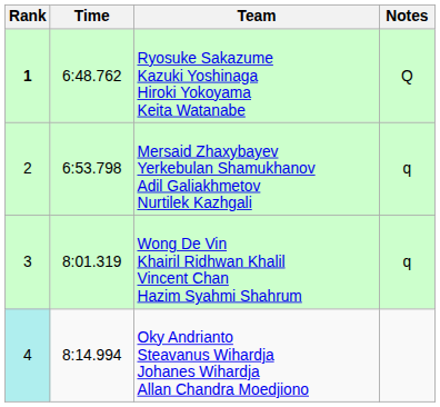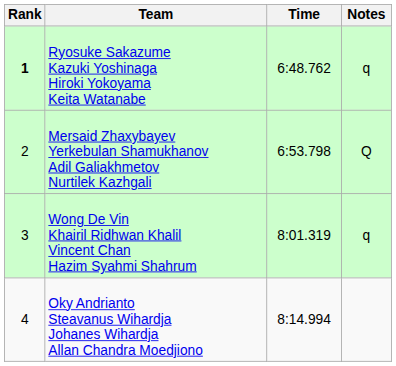 <table class=wikitable style="text-align:center">
 <tr>
 <th width=40>Rank</th>
+<th width=250>Team</th>
 <th width=80>Time</th>
-<th width=250>Team</th>
 <th width=50>Notes</th>
 </tr>
 <tr bgcolor="ccffcc">
 <td><strong>1</strong></td>
+<td align=left><br><a href='#'>Ryosuke Sakazume</a><br><a href='#'>Kazuki Yoshinaga</a><br><a href='#'>Hiroki Yokoyama</a><br><a href='#'>Keita Watanabe</a></td>
 <td>6:48.762</td>
-<td align=left><br><a href='#'>Ryosuke Sakazume</a><br><a href='#'>Kazuki Yoshinaga</a><br><a href='#'>Hiroki Yokoyama</a><br><a href='#'>Keita Watanabe</a></td>
+<td>q</td>
+</tr>
+<tr bgcolor="ccffcc">
+<td>2</td>
+<td align=left><br><a href='#'>Mersaid Zhaxybayev</a><br><a href='#'>Yerkebulan Shamukhanov</a><br><a href='#'>Adil Galiakhmetov</a><br><a href='#'>Nurtilek Kazhgali</a></td>
+<td>6:53.798</td>
 <td>Q</td>
 </tr>
 <tr bgcolor="ccffcc">
-<td>2</td>
-<td>6:53.798</td>
-<td align=left><br><a href='#'>Mersaid Zhaxybayev</a><br><a href='#'>Yerkebulan Shamukhanov</a><br><a href='#'>Adil Galiakhmetov</a><br><a href='#'>Nurtilek Kazhgali</a></td>
-<td>q</td>
-</tr>
-<tr bgcolor="ccffcc">
 <td>3</td>
+<td align=left><br><a href='#'>Wong De Vin</a><br><a href='#'>Khairil Ridhwan Khalil</a><br><a href='#'>Vincent Chan</a><br><a href='#'>Hazim Syahmi Shahrum</a></td>
 <td>8:01.319</td>
-<td align=left><br><a href='#'>Wong De Vin</a><br><a href='#'>Khairil Ridhwan Khalil</a><br><a href='#'>Vincent Chan</a><br><a href='#'>Hazim Syahmi Shahrum</a></td>
 <td>q</td>
 </tr>
 <tr>
-<td style="background: paleturquoise;">4</td>
+<td>4</td>
+<td align=left><br><a href='#'>Oky Andrianto</a><br><a href='#'>Steavanus Wihardja</a><br><a href='#'>Johanes Wihardja</a><br><a href='#'>Allan Chandra Moedjiono</a></td>
 <td>8:14.994</td>
-<td align=left><br><a href='#'>Oky Andrianto</a><br><a href='#'>Steavanus Wihardja</a><br><a href='#'>Johanes Wihardja</a><br><a href='#'>Allan Chandra Moedjiono</a></td>
 <td></td>
 </tr>
 </table>
